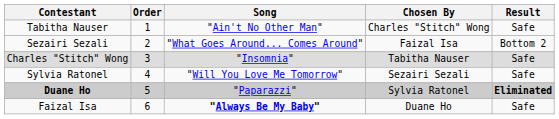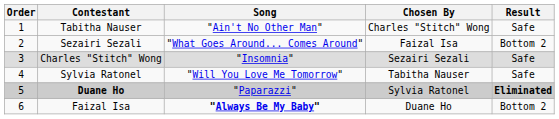 <table class="wikitable plainrowheaders" style="text-align:center;">
 <tr>
+<th scope="col">Order</th>
 <th scope="col">Contestant</th>
-<th scope="col">Order</th>
 <th scope="col">Song</th>
 <th scope="col">Chosen By</th>
 <th scope="col">Result</th>
 </tr>
 <tr>
+<td>1</td>
 <td>Tabitha Nauser</td>
-<td>1</td>
 <td>"<a href='#'>Ain't No Other Man</a>"</td>
 <td>Charles "Stitch" Wong</td>
 <td>Safe</td>
 </tr>
 <tr>
+<td>2</td>
 <td>Sezairi Sezali</td>
-<td>2</td>
 <td>"<a href='#'>What Goes Around... Comes Around</a>"</td>
 <td>Faizal Isa</td>
 <td>Bottom 2</td>
 </tr>
 <tr style="background:#ddd;">
+<td>3</td>
 <td>Charles "Stitch" Wong</td>
-<td>3</td>
 <td>"<a href='#'>Insomnia</a>"</td>
+<td>Sezairi Sezali</td>
+<td>Safe</td>
+</tr>
+<tr>
+<td>4</td>
+<td>Sylvia Ratonel</td>
+<td>"<a href='#'>Will You Love Me Tomorrow</a>"</td>
 <td>Tabitha Nauser</td>
 <td>Safe</td>
 </tr>
-<tr>
-<td>Sylvia Ratonel</td>
-<td>4</td>
-<td>"<a href='#'>Will You Love Me Tomorrow</a>"</td>
-<td>Sezairi Sezali</td>
-<td>Safe</td>
-</tr>
 <tr style="background:#ccc;">
+<td>5</td>
 <td><strong>Duane Ho</strong></td>
-<td>5</td>
 <td>"<a href='#'>Paparazzi</a>"</td>
 <td>Sylvia Ratonel</td>
 <td><strong>Eliminated</strong></td>
 </tr>
 <tr>
+<td>6</td>
 <td>Faizal Isa</td>
-<td>6</td>
 <td><strong>"<a href='#'>Always Be My Baby</a>"</strong></td>
 <td>Duane Ho</td>
-<td>Safe</td>
+<td>Bottom 2</td>
 </tr>
 </table>
